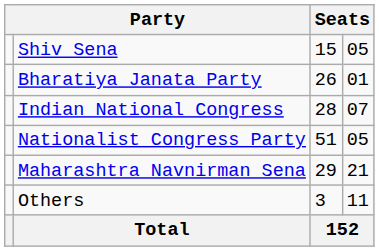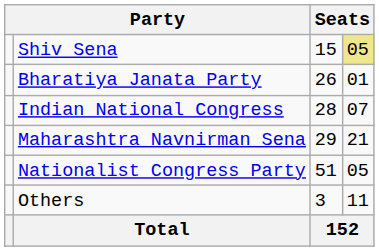 <table class="wikitable">
 <tr>
 <th colspan="2">Party</th>
 <th colspan="2">Seats</th>
 </tr>
 <tr>
 <td style="background-color: "></td>
 <td><a href='#'>Shiv Sena</a></td>
 <td>15</td>
-<td> 05</td>
+<td style="background: khaki;"> 05</td>
 </tr>
 <tr>
 <td style="background-color:"></td>
 <td><a href='#'>Bharatiya Janata Party</a></td>
 <td>26</td>
 <td> 01</td>
 </tr>
 <tr>
 <td style="background-color: "></td>
 <td><a href='#'>Indian National Congress</a></td>
 <td>28</td>
 <td> 07</td>
 </tr>
 <tr>
+<td></td>
+<td><a href='#'>Maharashtra Navnirman Sena</a></td>
+<td>29</td>
+<td> 21</td>
+</tr>
+<tr>
 <td style="background-color: "></td>
 <td><a href='#'>Nationalist Congress Party</a></td>
 <td>51</td>
 <td> 05</td>
-</tr>
-<tr>
-<td></td>
-<td><a href='#'>Maharashtra Navnirman Sena</a></td>
-<td>29</td>
-<td> 21</td>
 </tr>
 <tr>
 <td></td>
 <td>Others</td>
 <td>3</td>
 <td> 11</td>
 </tr>
 <tr>
 <th></th>
 <th><strong>Total</strong></th>
 <th colspan="2">152</th>
 </tr>
 </table>
